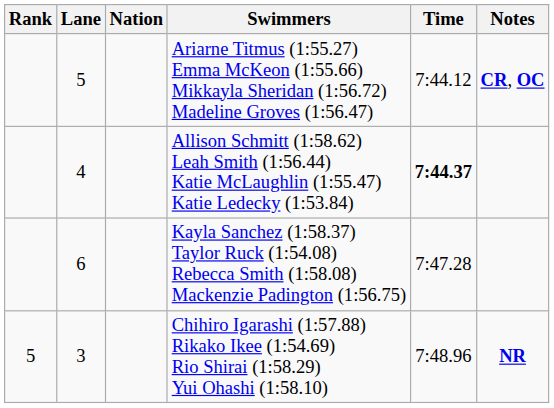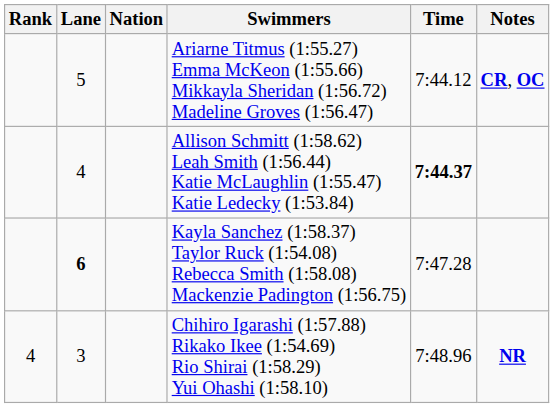 <table class="wikitable sortable" style="text-align:center">
 <tr>
 <th>Rank</th>
 <th>Lane</th>
 <th>Nation</th>
 <th>Swimmers</th>
 <th>Time</th>
 <th>Notes</th>
 </tr>
 <tr>
 <td></td>
 <td>5</td>
 <td align=left></td>
 <td align=left><a href='#'>Ariarne Titmus</a> (1:55.27)<br><a href='#'>Emma McKeon</a> (1:55.66)<br><a href='#'>Mikkayla Sheridan</a> (1:56.72)<br><a href='#'>Madeline Groves</a> (1:56.47)</td>
 <td>7:44.12</td>
 <td><strong><a href='#'>CR</a></strong>, <strong><a href='#'>OC</a></strong></td>
 </tr>
 <tr>
 <td></td>
 <td>4</td>
 <td align=left></td>
 <td align=left><a href='#'>Allison Schmitt</a> (1:58.62)<br><a href='#'>Leah Smith</a> (1:56.44)<br><a href='#'>Katie McLaughlin</a> (1:55.47)<br><a href='#'>Katie Ledecky</a> (1:53.84)</td>
 <td><strong>7:44.37</strong></td>
 <td></td>
 </tr>
 <tr>
 <td></td>
-<td>6</td>
+<td><strong>6</strong></td>
 <td align=left></td>
 <td align=left><a href='#'>Kayla Sanchez</a> (1:58.37)<br><a href='#'>Taylor Ruck</a> (1:54.08)<br><a href='#'>Rebecca Smith</a> (1:58.08)<br><a href='#'>Mackenzie Padington</a> (1:56.75)</td>
 <td>7:47.28</td>
 <td></td>
 </tr>
 <tr>
-<td>5</td>
+<td>4</td>
 <td>3</td>
 <td align=left></td>
 <td align=left><a href='#'>Chihiro Igarashi</a> (1:57.88)<br><a href='#'>Rikako Ikee</a> (1:54.69)<br><a href='#'>Rio Shirai</a> (1:58.29)<br><a href='#'>Yui Ohashi</a> (1:58.10)</td>
 <td>7:48.96</td>
 <td><strong><a href='#'>NR</a></strong></td>
 </tr>
 </table>
